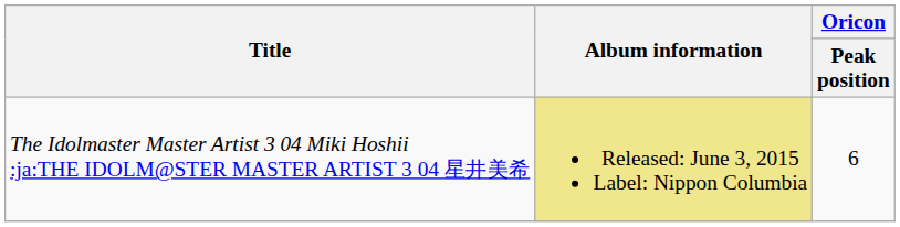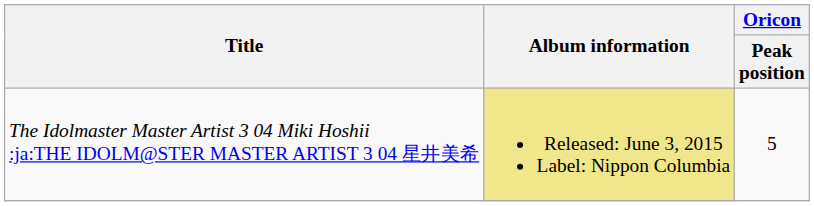 <table class="wikitable plainrowheaders" style="text-align:center">
 <tr>
 <th rowspan=2; style=>Title</th>
 <th rowspan=2;>Album information</th>
 <th colspan=1; style=><a href='#'>Oricon</a></th>
 </tr>
 <tr>
 <th style=>Peak<br>position</th>
 </tr>
 <tr>
 <td align=left><em>The Idolmaster Master Artist 3 04 Miki Hoshii</em><br><a href='#'>:ja:THE IDOLM@STER MASTER ARTIST 3 04 星井美希</a></td>
 <td style="background: khaki;"><br><ul><li>Released: June 3, 2015</li><li>Label: Nippon Columbia</li></ul></td>
-<td>6</td>
+<td>5</td>
 </tr>
 <tr>
 </tr>
 </table>
